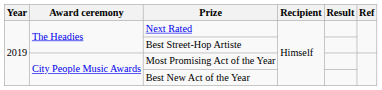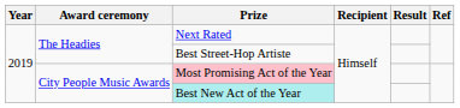 <table class ="wikitable">
 <tr>
 <th>Year</th>
 <th>Award ceremony</th>
 <th>Prize</th>
 <th>Recipient</th>
 <th>Result</th>
 <th>Ref</th>
 </tr>
 <tr>
 <td rowspan="4">2019</td>
 <td rowspan="2"><a href='#'>The Headies</a></td>
 <td><a href='#'>Next Rated</a></td>
 <td rowspan="4">Himself</td>
 <td></td>
 <td rowspan="2"></td>
 </tr>
 <tr>
 <td>Best Street-Hop Artiste</td>
 <td></td>
 </tr>
 <tr>
 <td rowspan="2"><a href='#'>City People Music Awards</a></td>
-<td>Most Promising Act of the Year</td>
+<td style="background: pink;">Most Promising Act of the Year</td>
 <td></td>
 <td rowspan="2"></td>
 </tr>
 <tr>
-<td>Best New Act of  the Year</td>
+<td style="background: paleturquoise;">Best New Act of  the Year</td>
 <td></td>
 </tr>
 </table>
